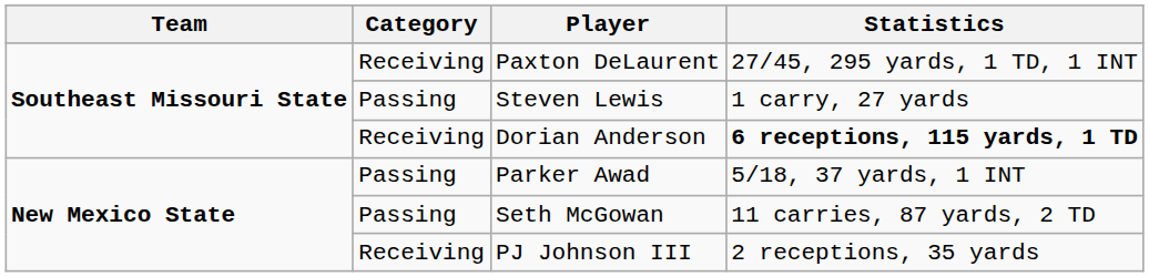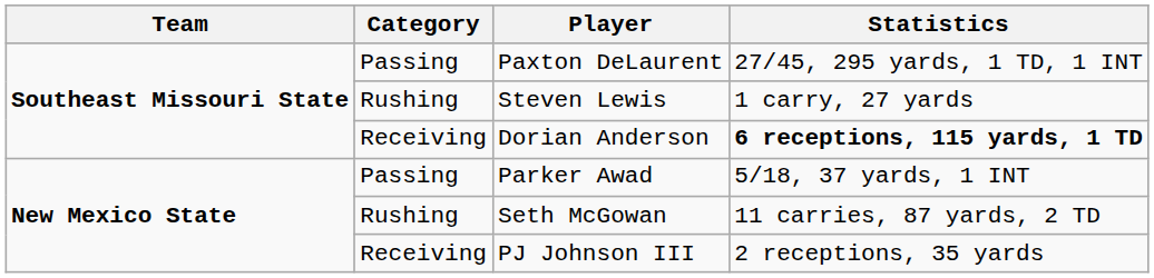 <table class="wikitable" style="float: right;">
 <tr>
 <th>Team</th>
 <th>Category</th>
 <th>Player</th>
 <th>Statistics</th>
 </tr>
 <tr>
 <td rowspan=3><strong>Southeast Missouri State</strong></td>
-<td>Receiving</td>
+<td>Passing</td>
 <td>Paxton DeLaurent</td>
 <td>27/45, 295 yards, 1 TD, 1 INT</td>
 </tr>
 <tr>
-<td>Passing</td>
+<td>Rushing</td>
 <td>Steven Lewis</td>
 <td>1 carry, 27 yards</td>
 </tr>
 <tr>
 <td>Receiving</td>
 <td>Dorian Anderson</td>
 <td><strong>6 receptions, 115 yards, 1 TD</strong></td>
 </tr>
 <tr>
 <td rowspan=3><strong>New Mexico State</strong></td>
 <td>Passing</td>
 <td>Parker Awad</td>
 <td>5/18, 37 yards, 1 INT</td>
 </tr>
 <tr>
-<td>Passing</td>
+<td>Rushing</td>
 <td>Seth McGowan</td>
 <td>11 carries, 87 yards, 2 TD</td>
 </tr>
 <tr>
 <td>Receiving</td>
 <td>PJ Johnson III</td>
 <td>2 receptions, 35 yards</td>
 </tr>
 </table>
